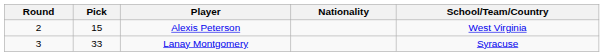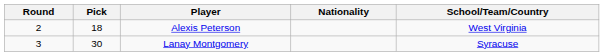 <table class="wikitable" style="text-align:center; width:60em">
 <tr>
 <th>Round</th>
 <th>Pick</th>
 <th>Player</th>
 <th>Nationality</th>
 <th>School/Team/Country</th>
 </tr>
 <tr>
 <td>2</td>
-<td>15</td>
+<td>18</td>
 <td><a href='#'>Alexis Peterson</a></td>
 <td></td>
 <td><a href='#'>West Virginia</a></td>
 </tr>
 <tr>
 <td>3</td>
-<td>33</td>
+<td>30</td>
 <td><a href='#'>Lanay Montgomery</a></td>
 <td></td>
 <td><a href='#'>Syracuse</a></td>
 </tr>
 </table>
